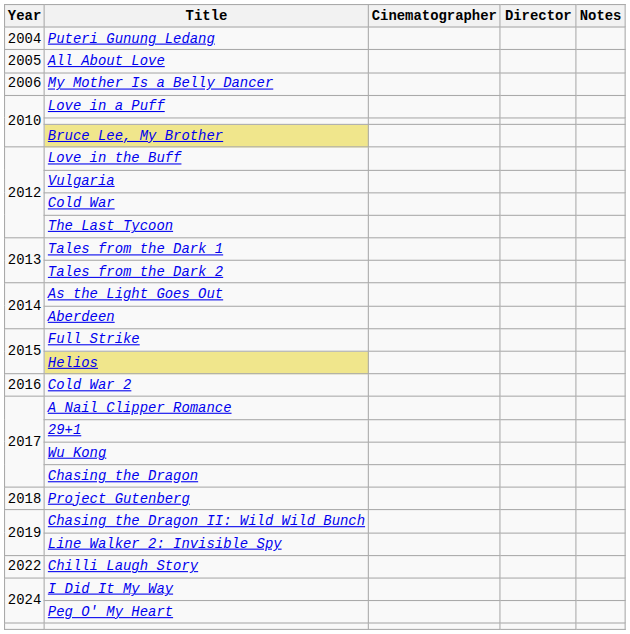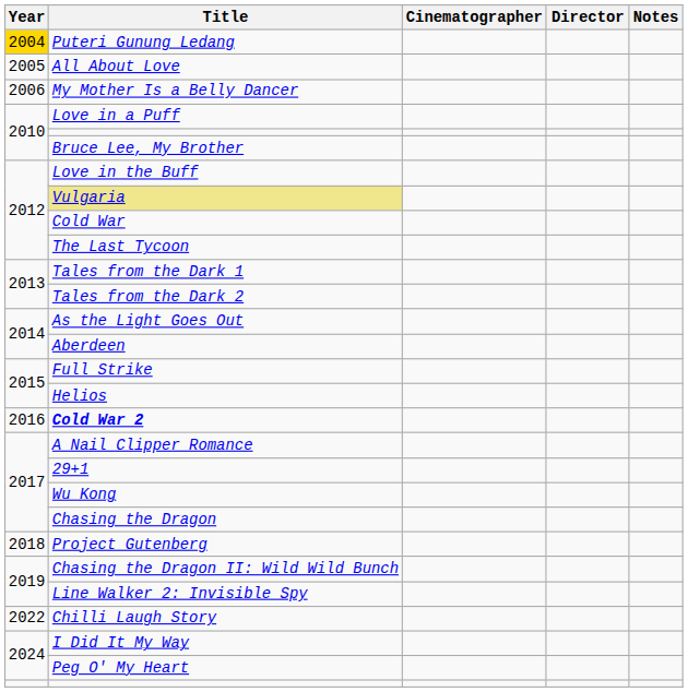 <table class="wikitable">
 <tr>
 <th>Year</th>
 <th>Title</th>
 <th style="width:65px;">Cinematographer</th>
 <th style="width:65px;">Director</th>
 <th>Notes</th>
 </tr>
 <tr>
-<td>2004</td>
+<td style="background: gold;">2004</td>
 <td><em><a href='#'>Puteri Gunung Ledang</a></em></td>
 <td></td>
 <td></td>
 <td></td>
 </tr>
 <tr>
 <td>2005</td>
 <td><em><a href='#'>All About Love</a></em></td>
 <td></td>
 <td></td>
 <td></td>
 </tr>
 <tr>
 <td>2006</td>
 <td><em><a href='#'>My Mother Is a Belly Dancer</a></em></td>
 <td></td>
 <td></td>
 <td></td>
 </tr>
 <tr>
 <td rowspan="3">2010</td>
 <td><em><a href='#'>Love in a Puff</a></em></td>
 <td></td>
 <td></td>
 <td></td>
 </tr>
 <tr>
 <td><em></em></td>
 <td></td>
 <td></td>
 <td></td>
 </tr>
 <tr>
-<td style="background: khaki;"><em><a href='#'>Bruce Lee, My Brother</a></em></td>
+<td><em><a href='#'>Bruce Lee, My Brother</a></em></td>
 <td></td>
 <td></td>
 <td></td>
 </tr>
 <tr>
 <td rowspan="4">2012</td>
 <td><em><a href='#'>Love in the Buff</a></em></td>
 <td></td>
 <td></td>
 <td></td>
 </tr>
 <tr>
-<td><em><a href='#'>Vulgaria</a></em></td>
+<td style="background: khaki;"><em><a href='#'>Vulgaria</a></em></td>
 <td></td>
 <td></td>
 <td></td>
 </tr>
 <tr>
 <td><em><a href='#'>Cold War</a></em></td>
 <td></td>
 <td></td>
 <td></td>
 </tr>
 <tr>
 <td><em><a href='#'>The Last Tycoon</a></em></td>
 <td></td>
 <td></td>
 <td></td>
 </tr>
 <tr>
 <td rowspan="2">2013</td>
 <td><em><a href='#'>Tales from the Dark 1</a></em></td>
 <td></td>
 <td></td>
 <td></td>
 </tr>
 <tr>
 <td><em><a href='#'>Tales from the Dark 2</a></em></td>
 <td></td>
 <td></td>
 <td></td>
 </tr>
 <tr>
 <td rowspan="2">2014</td>
 <td><em><a href='#'>As the Light Goes Out</a></em></td>
 <td></td>
 <td></td>
 <td></td>
 </tr>
 <tr>
 <td><em><a href='#'>Aberdeen</a></em></td>
 <td></td>
 <td></td>
 <td></td>
 </tr>
 <tr>
 <td rowspan="2">2015</td>
 <td><em><a href='#'>Full Strike</a></em></td>
 <td></td>
 <td></td>
 <td></td>
 </tr>
 <tr>
-<td style="background: khaki;"><em><a href='#'>Helios</a></em></td>
+<td><em><a href='#'>Helios</a></em></td>
 <td></td>
 <td></td>
 <td></td>
 </tr>
 <tr>
 <td>2016</td>
-<td><em><a href='#'>Cold War 2</a></em></td>
+<td><strong><em><a href='#'>Cold War 2</a></em></strong></td>
 <td></td>
 <td></td>
 <td></td>
 </tr>
 <tr>
 <td rowspan="4">2017</td>
 <td><em><a href='#'>A Nail Clipper Romance</a></em></td>
 <td></td>
 <td></td>
 <td></td>
 </tr>
 <tr>
 <td><em><a href='#'>29+1</a></em></td>
 <td></td>
 <td></td>
 <td></td>
 </tr>
 <tr>
 <td><em><a href='#'>Wu Kong</a></em></td>
 <td></td>
 <td></td>
 <td></td>
 </tr>
 <tr>
 <td><em><a href='#'>Chasing the Dragon</a></em></td>
 <td></td>
 <td></td>
 <td></td>
 </tr>
 <tr>
 <td>2018</td>
 <td><em><a href='#'>Project Gutenberg</a></em></td>
 <td></td>
 <td></td>
 <td></td>
 </tr>
 <tr>
 <td rowspan="2">2019</td>
 <td><em><a href='#'>Chasing the Dragon II: Wild Wild Bunch</a></em></td>
 <td></td>
 <td></td>
 <td></td>
 </tr>
 <tr>
 <td><em><a href='#'>Line Walker 2: Invisible Spy</a></em></td>
 <td></td>
 <td></td>
 <td></td>
 </tr>
 <tr>
 <td>2022</td>
 <td><em><a href='#'>Chilli Laugh Story</a></em></td>
 <td></td>
 <td></td>
 <td></td>
 </tr>
 <tr>
 <td rowspan="2">2024</td>
 <td><em><a href='#'>I Did It My Way</a></em></td>
 <td></td>
 <td></td>
 <td></td>
 </tr>
 <tr>
 <td><em><a href='#'>Peg O' My Heart</a></em></td>
 <td></td>
 <td></td>
 <td></td>
 </tr>
 <tr>
 <td></td>
 <td></td>
 <td></td>
 <td></td>
 <td></td>
 </tr>
 </table>
